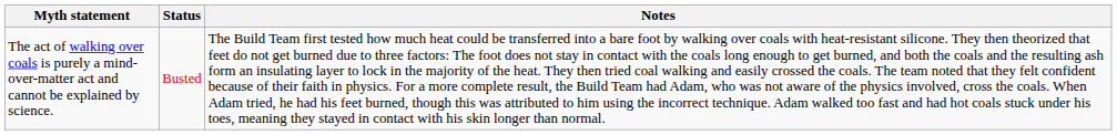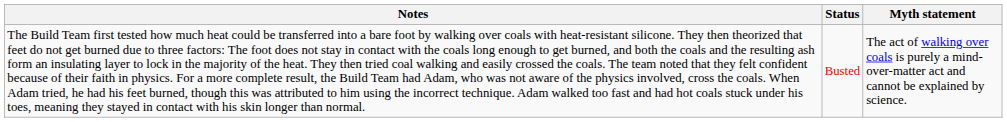 <table class="wikitable plainrowheaders">
 <tr>
+<th>Notes</th>
+<th>Status</th>
 <th>Myth statement</th>
-<th>Status</th>
-<th>Notes</th>
 </tr>
 <tr>
+<td>The Build Team first tested how much heat could be transferred into a bare foot by walking over coals with heat-resistant silicone. They then theorized that feet do not get burned due to three factors: The foot does not stay in contact with the coals long enough to get burned, and both the coals and the resulting ash form an insulating layer to lock in the majority of the heat. They then tried coal walking and easily crossed the coals. The team noted that they felt confident because of their faith in physics. For a more complete result, the Build Team had Adam, who was not aware of the physics involved, cross the coals. When Adam tried, he had his feet burned, though this was attributed to him using the incorrect technique. Adam walked too fast and had hot coals stuck under his toes, meaning they stayed in contact with his skin longer than normal.</td>
+<td style="color:red">Busted</td>
 <td>The act of <a href='#'>walking over coals</a> is purely a mind-over-matter act and cannot be explained by science.</td>
-<td style="color:red">Busted</td>
-<td>The Build Team first tested how much heat could be transferred into a bare foot by walking over coals with heat-resistant silicone. They then theorized that feet do not get burned due to three factors: The foot does not stay in contact with the coals long enough to get burned, and both the coals and the resulting ash form an insulating layer to lock in the majority of the heat. They then tried coal walking and easily crossed the coals. The team noted that they felt confident because of their faith in physics. For a more complete result, the Build Team had Adam, who was not aware of the physics involved, cross the coals. When Adam tried, he had his feet burned, though this was attributed to him using the incorrect technique. Adam walked too fast and had hot coals stuck under his toes, meaning they stayed in contact with his skin longer than normal.</td>
 </tr>
 </table>
